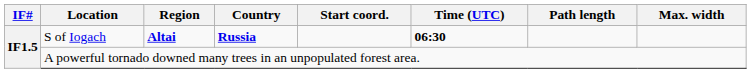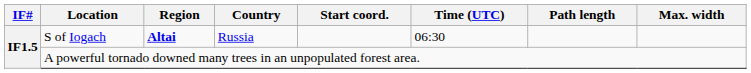 <table class="wikitable sortable" style="width:100%;">
 <tr>
 <th scope="col" width="2%" align="center"><a href='#'>IF#</a></th>
 <th scope="col" align="center" class="unsortable">Location</th>
 <th scope="col" align="center" class="unsortable">Region</th>
 <th scope="col" align="center">Country</th>
 <th scope="col" align="center">Start coord.</th>
 <th scope="col" align="center">Time (<a href='#'>UTC</a>)</th>
 <th scope="col" align="center">Path length</th>
 <th scope="col" align="center">Max. width</th>
 </tr>
 <tr>
 <th scope="row" rowspan="2" style="background-color:#">IF1.5</th>
 <td>S of <a href='#'>Iogach</a></td>
 <td><strong><a href='#'>Altai</a></strong></td>
-<td><strong><a href='#'>Russia</a></strong></td>
+<td><a href='#'>Russia</a></td>
 <td></td>
-<td><strong>06:30</strong></td>
+<td>06:30</td>
 <td></td>
 <td></td>
 </tr>
 <tr class="expand-child">
 <td colspan="8" style=" border-bottom: 1px solid black;">A powerful tornado downed many trees in an unpopulated forest area.</td>
 </tr>
 </table>
